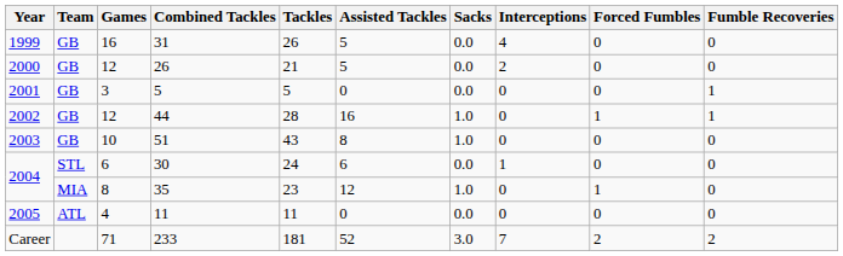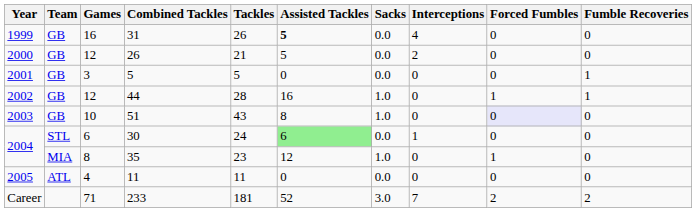 <table class="wikitable">
 <tr>
 <th>Year</th>
 <th>Team</th>
 <th>Games</th>
 <th>Combined Tackles</th>
 <th>Tackles</th>
 <th>Assisted Tackles</th>
 <th>Sacks</th>
 <th>Interceptions</th>
 <th>Forced Fumbles</th>
 <th>Fumble Recoveries</th>
 </tr>
 <tr>
 <td><a href='#'>1999</a></td>
 <td><a href='#'>GB</a></td>
 <td>16</td>
 <td>31</td>
 <td>26</td>
-<td>5</td>
+<td><strong>5</strong></td>
 <td>0.0</td>
 <td>4</td>
 <td>0</td>
 <td>0</td>
 </tr>
 <tr>
 <td><a href='#'>2000</a></td>
 <td><a href='#'>GB</a></td>
 <td>12</td>
 <td>26</td>
 <td>21</td>
 <td>5</td>
 <td>0.0</td>
 <td>2</td>
 <td>0</td>
 <td>0</td>
 </tr>
 <tr>
 <td><a href='#'>2001</a></td>
 <td><a href='#'>GB</a></td>
 <td>3</td>
 <td>5</td>
 <td>5</td>
 <td>0</td>
 <td>0.0</td>
 <td>0</td>
 <td>0</td>
 <td>1</td>
 </tr>
 <tr>
 <td><a href='#'>2002</a></td>
 <td><a href='#'>GB</a></td>
 <td>12</td>
 <td>44</td>
 <td>28</td>
 <td>16</td>
 <td>1.0</td>
 <td>0</td>
 <td>1</td>
 <td>1</td>
 </tr>
 <tr>
 <td><a href='#'>2003</a></td>
 <td><a href='#'>GB</a></td>
 <td>10</td>
 <td>51</td>
 <td>43</td>
 <td>8</td>
 <td>1.0</td>
 <td>0</td>
-<td>0</td>
+<td style="background: lavender;">0</td>
 <td>0</td>
 </tr>
 <tr>
 <td rowspan=2><a href='#'>2004</a></td>
 <td><a href='#'>STL</a></td>
 <td>6</td>
 <td>30</td>
 <td>24</td>
-<td>6</td>
+<td style="background: lightgreen;">6</td>
 <td>0.0</td>
 <td>1</td>
 <td>0</td>
 <td>0</td>
 </tr>
 <tr>
 <td><a href='#'>MIA</a></td>
 <td>8</td>
 <td>35</td>
 <td>23</td>
 <td>12</td>
 <td>1.0</td>
 <td>0</td>
 <td>1</td>
 <td>0</td>
 </tr>
 <tr>
 <td><a href='#'>2005</a></td>
 <td><a href='#'>ATL</a></td>
 <td>4</td>
 <td>11</td>
 <td>11</td>
 <td>0</td>
 <td>0.0</td>
 <td>0</td>
 <td>0</td>
 <td>0</td>
 </tr>
 <tr>
 <td>Career</td>
 <td></td>
 <td>71</td>
 <td>233</td>
 <td>181</td>
 <td>52</td>
 <td>3.0</td>
 <td>7</td>
 <td>2</td>
 <td>2</td>
 </tr>
 </table>
